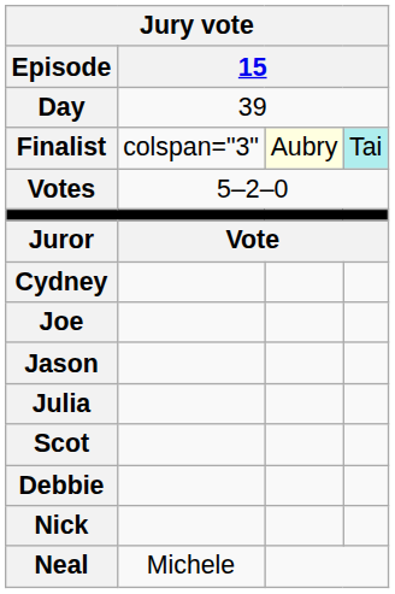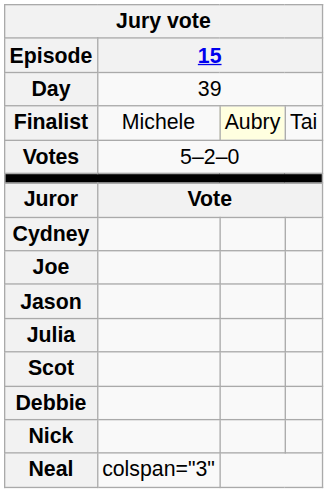 <table class="wikitable" style="text-align:center">
 <tr>
 <th colspan=4>Jury vote</th>
 </tr>
 <tr>
 <th>Episode</th>
 <th colspan=3><a href='#'>15</a></th>
 </tr>
 <tr>
 <th>Day</th>
 <td colspan=3>39</td>
 </tr>
 <tr>
 <th>Finalist</th>
-<td>colspan="3" </td>
+<td>Michele</td>
 <td style="background: lightyellow;">Aubry</td>
-<td style="background: paleturquoise;">Tai</td>
+<td>Tai</td>
 </tr>
 <tr>
 <th>Votes</th>
 <td colspan="3">5–2–0</td>
 </tr>
 <tr>
 <td colspan="4" bgcolor="black"></td>
 </tr>
 <tr>
 <th>Juror</th>
 <th colspan=4>Vote</th>
 </tr>
 <tr>
 <th>Cydney</th>
 <td></td>
 <td></td>
 <td></td>
 </tr>
 <tr>
 <th>Joe</th>
 <td></td>
 <td></td>
 <td></td>
 </tr>
 <tr>
 <th>Jason</th>
 <td></td>
 <td></td>
 <td></td>
 </tr>
 <tr>
 <th>Julia</th>
 <td></td>
 <td></td>
 <td></td>
 </tr>
 <tr>
 <th>Scot</th>
 <td></td>
 <td></td>
 <td></td>
 </tr>
 <tr>
 <th>Debbie</th>
 <td></td>
 <td></td>
 <td></td>
 </tr>
 <tr>
 <th>Nick</th>
 <td></td>
 <td></td>
 <td></td>
 </tr>
 <tr>
 <th>Neal</th>
-<td>Michele</td>
+<td>colspan="3" </td>
 </tr>
 </table>
